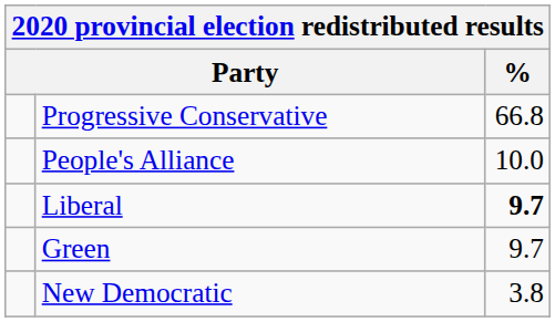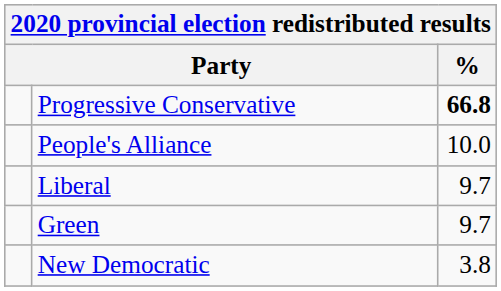 <table class="wikitable">
 <tr>
 <th colspan="4"><a href='#'>2020 provincial election</a> redistributed results</th>
 </tr>
 <tr>
 <th bgcolor="#DDDDFF" width="130px" colspan="2">Party</th>
 <th bgcolor="#DDDDFF" width="30px">%</th>
 </tr>
 <tr>
 <td> </td>
 <td><a href='#'>Progressive Conservative</a></td>
-<td align=right>66.8</td>
+<td align=right><strong>66.8</strong></td>
 </tr>
 <tr>
 <td> </td>
 <td><a href='#'>People's Alliance</a></td>
 <td align=right>10.0</td>
 </tr>
 <tr>
 <td> </td>
 <td><a href='#'>Liberal</a></td>
-<td align=right><strong>9.7</strong></td>
+<td align=right>9.7</td>
 </tr>
 <tr>
 <td> </td>
 <td><a href='#'>Green</a></td>
 <td align=right>9.7</td>
 </tr>
 <tr>
 <td> </td>
 <td><a href='#'>New Democratic</a></td>
 <td align=right>3.8</td>
 </tr>
 </table>
